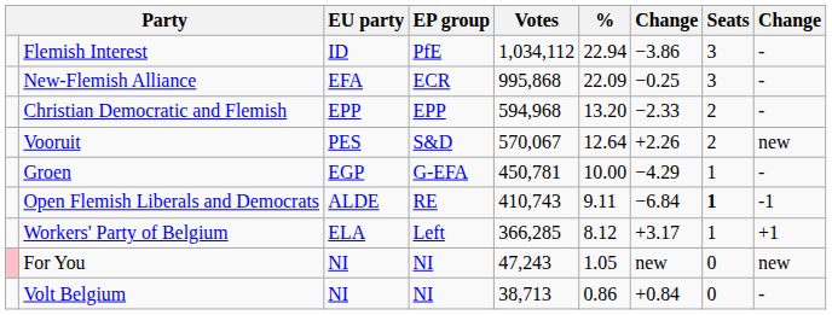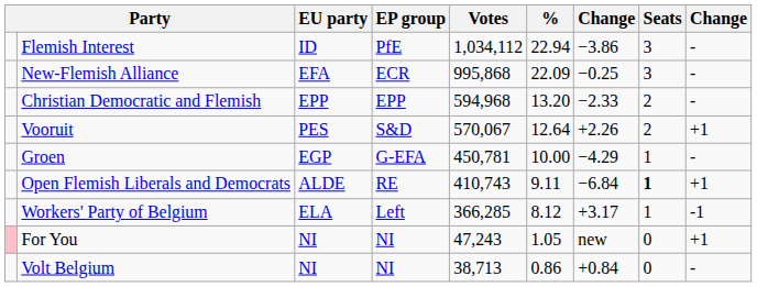 <table class="wikitable">
 <tr>
 <th colspan="2">Party</th>
 <th>EU party</th>
 <th>EP group</th>
 <th>Votes</th>
 <th>%</th>
 <th>Change</th>
 <th>Seats</th>
 <th>Change</th>
 </tr>
 <tr>
 <td style="background-color:"> </td>
 <td><a href='#'>Flemish Interest</a></td>
 <td><a href='#'>ID</a></td>
 <td><a href='#'>PfE</a></td>
 <td>1,034,112</td>
 <td>22.94</td>
 <td>−3.86</td>
 <td>3</td>
 <td>-</td>
 </tr>
 <tr>
 <td style="background-color:"> </td>
 <td><a href='#'>New-Flemish Alliance</a></td>
 <td><a href='#'>EFA</a></td>
 <td><a href='#'>ECR</a></td>
 <td>995,868</td>
 <td>22.09</td>
 <td>−0.25</td>
 <td>3</td>
 <td>-</td>
 </tr>
 <tr>
 <td style="background-color:"> </td>
 <td><a href='#'>Christian Democratic and Flemish</a></td>
 <td><a href='#'>EPP</a></td>
 <td><a href='#'>EPP</a></td>
 <td>594,968</td>
 <td>13.20</td>
 <td>−2.33</td>
 <td>2</td>
 <td>-</td>
 </tr>
 <tr>
 <td style="background-color:"> </td>
 <td><a href='#'>Vooruit</a></td>
 <td><a href='#'>PES</a></td>
 <td><a href='#'>S&D</a></td>
 <td>570,067</td>
 <td>12.64</td>
 <td>+2.26</td>
 <td>2</td>
-<td>new</td>
+<td>+1</td>
 </tr>
 <tr>
 <td style="background-color:"> </td>
 <td><a href='#'>Groen</a></td>
 <td><a href='#'>EGP</a></td>
 <td><a href='#'>G-EFA</a></td>
 <td>450,781</td>
 <td>10.00</td>
 <td>−4.29</td>
 <td>1</td>
 <td>-</td>
 </tr>
 <tr>
 <td style="background-color:"> </td>
 <td><a href='#'>Open Flemish Liberals and Democrats</a></td>
 <td><a href='#'>ALDE</a></td>
 <td><a href='#'>RE</a></td>
 <td>410,743</td>
 <td>9.11</td>
 <td>−6.84</td>
 <td><strong>1</strong></td>
-<td>-1</td>
+<td>+1</td>
 </tr>
 <tr>
 <td style="background-color:"> </td>
 <td><a href='#'>Workers' Party of Belgium</a></td>
 <td><a href='#'>ELA</a></td>
 <td><a href='#'>Left</a></td>
 <td>366,285</td>
 <td>8.12</td>
 <td>+3.17</td>
 <td>1</td>
-<td>+1</td>
+<td>-1</td>
 </tr>
 <tr>
 <td style="background-color:pink"> </td>
 <td>For You</td>
 <td><a href='#'>NI</a></td>
 <td><a href='#'>NI</a></td>
 <td>47,243</td>
 <td>1.05</td>
 <td>new</td>
 <td>0</td>
-<td>new</td>
+<td>+1</td>
 </tr>
 <tr>
 <td style="background-color:"> </td>
 <td><a href='#'>Volt Belgium</a></td>
 <td><a href='#'>NI</a></td>
 <td><a href='#'>NI</a></td>
 <td>38,713</td>
 <td>0.86</td>
 <td>+0.84</td>
 <td>0</td>
 <td>-</td>
 </tr>
 </table>
